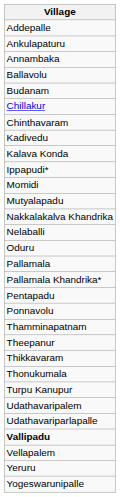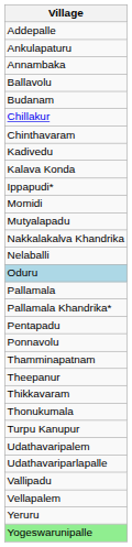 <table class="wikitable sortable static-row-numbers static-row-header-hash">
 <tr>
 <th>Village</th>
 </tr>
 <tr>
 <td>Addepalle</td>
 </tr>
 <tr>
 <td>Ankulapaturu</td>
 </tr>
 <tr>
 <td>Annambaka</td>
 </tr>
 <tr>
 <td>Ballavolu</td>
 </tr>
 <tr>
 <td>Budanam</td>
 </tr>
 <tr>
 <td><a href='#'>Chillakur</a></td>
 </tr>
 <tr>
 <td>Chinthavaram</td>
 </tr>
 <tr>
 <td>Kadivedu</td>
 </tr>
 <tr>
 <td>Kalava Konda</td>
 </tr>
 <tr>
 <td>Ippapudi*</td>
 </tr>
 <tr>
 <td>Momidi</td>
 </tr>
 <tr>
 <td>Mutyalapadu</td>
 </tr>
 <tr>
 <td>Nakkalakalva Khandrika</td>
 </tr>
 <tr>
 <td>Nelaballi</td>
 </tr>
 <tr>
-<td>Oduru</td>
+<td style="background: lightblue;">Oduru</td>
 </tr>
 <tr>
 <td>Pallamala</td>
 </tr>
 <tr>
 <td>Pallamala Khandrika*</td>
 </tr>
 <tr>
 <td>Pentapadu</td>
 </tr>
 <tr>
 <td>Ponnavolu</td>
 </tr>
 <tr>
 <td>Thamminapatnam</td>
 </tr>
 <tr>
 <td>Theepanur</td>
 </tr>
 <tr>
 <td>Thikkavaram</td>
 </tr>
 <tr>
 <td>Thonukumala</td>
 </tr>
 <tr>
 <td>Turpu Kanupur</td>
 </tr>
 <tr>
 <td>Udathavaripalem</td>
 </tr>
 <tr>
 <td>Udathavariparlapalle</td>
 </tr>
 <tr>
-<td><strong>Vallipadu</strong></td>
+<td>Vallipadu</td>
 </tr>
 <tr>
 <td>Vellapalem</td>
 </tr>
 <tr>
 <td>Yeruru</td>
 </tr>
 <tr>
-<td>Yogeswarunipalle</td>
+<td style="background: lightgreen;">Yogeswarunipalle</td>
 </tr>
 </table>
